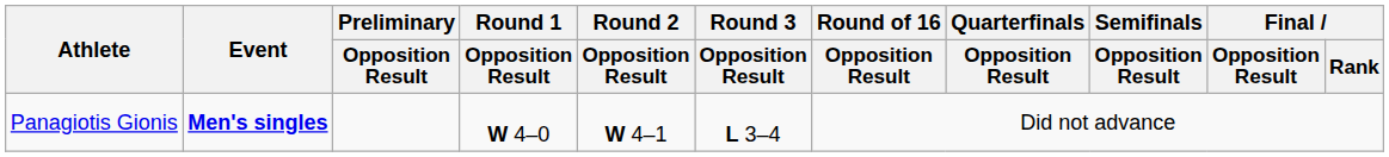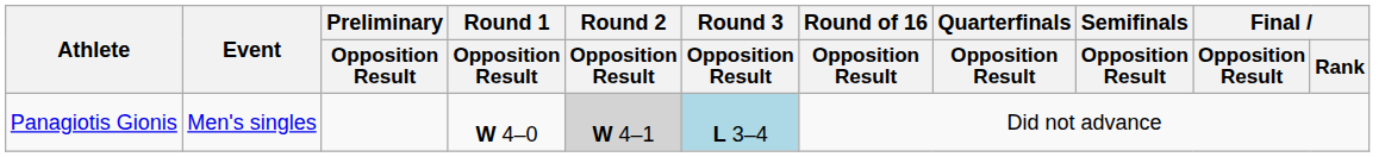 <table class="wikitable" style="font-size:90%;">
 <tr>
 <th rowspan=2>Athlete</th>
 <th rowspan=2>Event</th>
 <th>Preliminary</th>
 <th>Round 1</th>
 <th>Round 2</th>
 <th>Round 3</th>
 <th>Round of 16</th>
 <th>Quarterfinals</th>
 <th>Semifinals</th>
 <th colspan=2>Final / </th>
 </tr>
 <tr style="font-size:95%">
 <th>Opposition<br>Result</th>
 <th>Opposition<br>Result</th>
 <th>Opposition<br>Result</th>
 <th>Opposition<br>Result</th>
 <th>Opposition<br>Result</th>
 <th>Opposition<br>Result</th>
 <th>Opposition<br>Result</th>
 <th>Opposition<br>Result</th>
 <th>Rank</th>
 </tr>
 <tr align=center>
 <td align=left><a href='#'>Panagiotis Gionis</a></td>
-<td align=left><strong><a href='#'>Men's singles</a></strong></td>
+<td align=left><a href='#'>Men's singles</a></td>
 <td></td>
 <td><br><strong>W</strong> 4–0</td>
-<td><br><strong>W</strong> 4–1</td>
-<td><br><strong>L</strong> 3–4</td>
+<td style="background: lightgrey;"><br><strong>W</strong> 4–1</td>
+<td style="background: lightblue;"><br><strong>L</strong> 3–4</td>
 <td colspan=5>Did not advance</td>
 </tr>
 </table>
